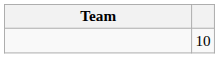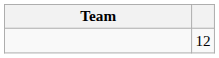 <table class="wikitable">
 <tr>
 <th width="190">Team</th>
 <th></th>
 </tr>
 <tr>
 <td><strong> </strong></td>
-<td style="text-align:center">10</td>
+<td style="text-align:center">12</td>
 </tr>
 </table>
